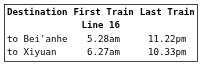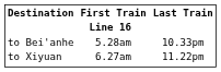 <table style="text-align:centre; font-size:95%; border:1px solid black">
 <tr>
 <th>Destination</th>
 <th></th>
 <th>First Train</th>
 <th></th>
 <th>Last Train</th>
 </tr>
 <tr>
 <th colspan="7" style="background-color:#">Line 16</th>
 </tr>
 <tr>
 <td>to Bei'anhe</td>
 <td></td>
 <td style="text-align:center">5.28am</td>
 <td></td>
-<td style="text-align:center">11.22pm</td>
+<td style="text-align:center">10.33pm</td>
 </tr>
 <tr>
 <td>to Xiyuan</td>
 <td></td>
 <td style="text-align:center">6.27am</td>
 <td></td>
-<td style="text-align:center">10.33pm</td>
+<td style="text-align:center">11.22pm</td>
 </tr>
 <tr>
 </tr>
 </table>
